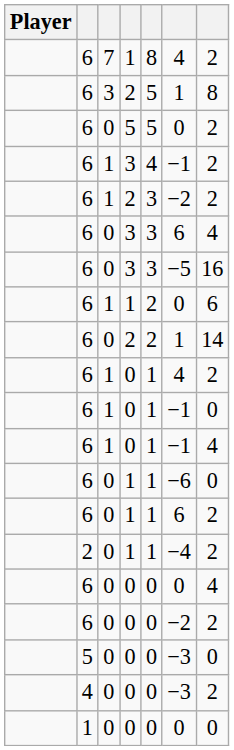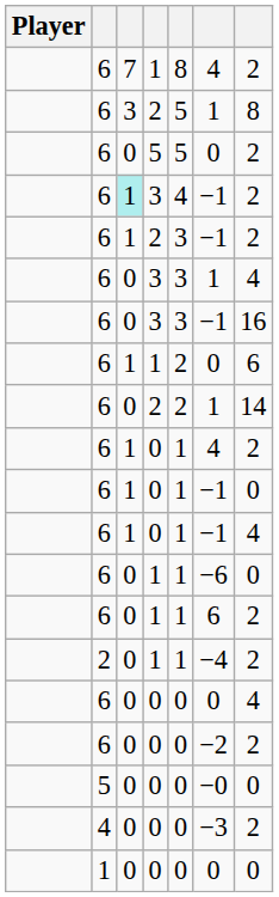 <table class="wikitable sortable" style="text-align:center;">
 <tr>
 <th>Player</th>
 <th></th>
 <th></th>
 <th></th>
 <th></th>
 <th data-sort-type="number"></th>
 <th></th>
 </tr>
 <tr>
 <td></td>
 <td>6</td>
 <td>7</td>
 <td>1</td>
 <td>8</td>
 <td>4</td>
 <td>2</td>
 </tr>
 <tr>
 <td></td>
 <td>6</td>
 <td>3</td>
 <td>2</td>
 <td>5</td>
 <td>1</td>
 <td>8</td>
 </tr>
 <tr>
 <td></td>
 <td>6</td>
 <td>0</td>
 <td>5</td>
 <td>5</td>
 <td>0</td>
 <td>2</td>
 </tr>
 <tr>
 <td></td>
 <td>6</td>
-<td>1</td>
+<td style="background: paleturquoise;">1</td>
 <td>3</td>
 <td>4</td>
 <td>−1</td>
 <td>2</td>
 </tr>
 <tr>
 <td></td>
 <td>6</td>
 <td>1</td>
 <td>2</td>
 <td>3</td>
-<td>−2</td>
+<td>−1</td>
 <td>2</td>
 </tr>
 <tr>
 <td></td>
 <td>6</td>
 <td>0</td>
 <td>3</td>
 <td>3</td>
-<td>6</td>
+<td>1</td>
 <td>4</td>
 </tr>
 <tr>
 <td></td>
 <td>6</td>
 <td>0</td>
 <td>3</td>
 <td>3</td>
-<td>−5</td>
+<td>−1</td>
 <td>16</td>
 </tr>
 <tr>
 <td></td>
 <td>6</td>
 <td>1</td>
 <td>1</td>
 <td>2</td>
 <td>0</td>
 <td>6</td>
 </tr>
 <tr>
 <td></td>
 <td>6</td>
 <td>0</td>
 <td>2</td>
 <td>2</td>
 <td>1</td>
 <td>14</td>
 </tr>
 <tr>
 <td></td>
 <td>6</td>
 <td>1</td>
 <td>0</td>
 <td>1</td>
 <td>4</td>
 <td>2</td>
 </tr>
 <tr>
 <td></td>
 <td>6</td>
 <td>1</td>
 <td>0</td>
 <td>1</td>
 <td>−1</td>
 <td>0</td>
 </tr>
 <tr>
 <td></td>
 <td>6</td>
 <td>1</td>
 <td>0</td>
 <td>1</td>
 <td>−1</td>
 <td>4</td>
 </tr>
 <tr>
 <td></td>
 <td>6</td>
 <td>0</td>
 <td>1</td>
 <td>1</td>
 <td>−6</td>
 <td>0</td>
 </tr>
 <tr>
 <td></td>
 <td>6</td>
 <td>0</td>
 <td>1</td>
 <td>1</td>
 <td>6</td>
 <td>2</td>
 </tr>
 <tr>
 <td></td>
 <td>2</td>
 <td>0</td>
 <td>1</td>
 <td>1</td>
 <td>−4</td>
 <td>2</td>
 </tr>
 <tr>
 <td></td>
 <td>6</td>
 <td>0</td>
 <td>0</td>
 <td>0</td>
 <td>0</td>
 <td>4</td>
 </tr>
 <tr>
 <td></td>
 <td>6</td>
 <td>0</td>
 <td>0</td>
 <td>0</td>
 <td>−2</td>
 <td>2</td>
 </tr>
 <tr>
 <td></td>
 <td>5</td>
 <td>0</td>
 <td>0</td>
 <td>0</td>
-<td>−3</td>
+<td>−0</td>
 <td>0</td>
 </tr>
 <tr>
 <td></td>
 <td>4</td>
 <td>0</td>
 <td>0</td>
 <td>0</td>
 <td>−3</td>
 <td>2</td>
 </tr>
 <tr>
 <td></td>
 <td>1</td>
 <td>0</td>
 <td>0</td>
 <td>0</td>
 <td>0</td>
 <td>0</td>
 </tr>
 </table>
